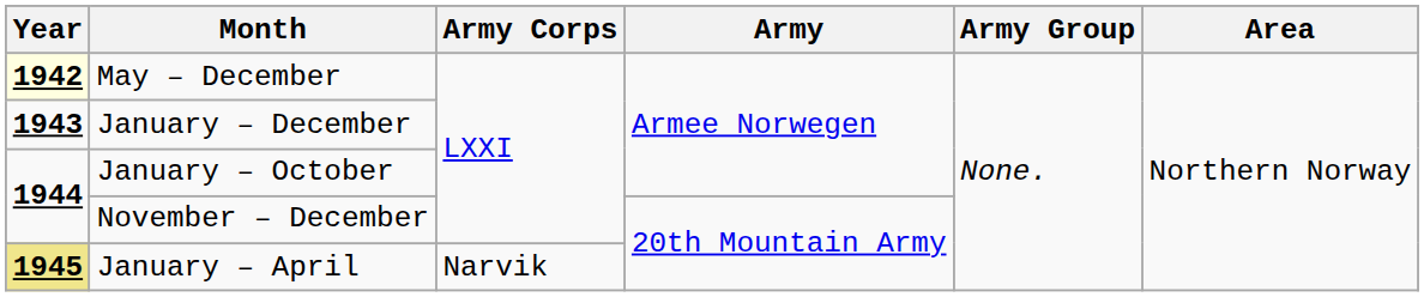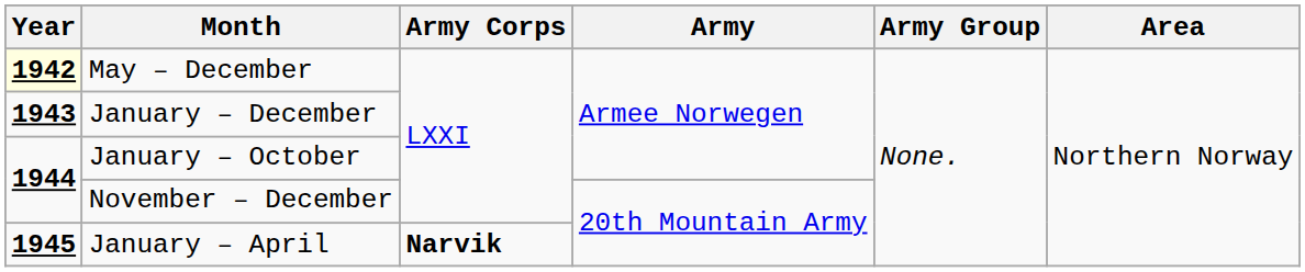 <table class="wikitable">
 <tr>
 <th>Year</th>
 <th>Month</th>
 <th>Army Corps</th>
 <th>Army</th>
 <th>Army Group</th>
 <th>Area</th>
 </tr>
 <tr>
 <td style="background: lightyellow;"><strong><u>1942</u></strong></td>
 <td>May – December</td>
 <td rowspan="4"><a href='#'>LXXI</a></td>
 <td rowspan="3"><a href='#'>Armee Norwegen</a></td>
 <td rowspan="5"><em>None.</em></td>
 <td rowspan="5">Northern Norway</td>
 </tr>
 <tr>
 <td><strong><u>1943</u></strong></td>
 <td>January – December</td>
 </tr>
 <tr>
 <td rowspan="2"><strong><u>1944</u></strong></td>
 <td>January – October</td>
 </tr>
 <tr>
 <td>November – December</td>
 <td rowspan="2"><a href='#'>20th Mountain Army</a></td>
 </tr>
 <tr>
-<td style="background: khaki;"><strong><u>1945</u></strong></td>
+<td><strong><u>1945</u></strong></td>
 <td>January – April</td>
-<td>Narvik</td>
+<td><strong>Narvik</strong></td>
 </tr>
 </table>
